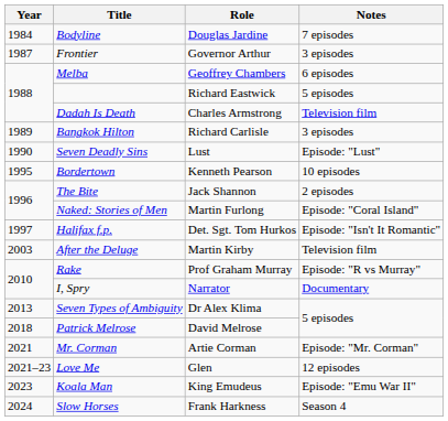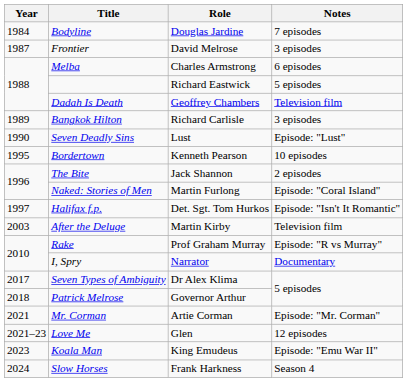 <table class="wikitable sortable">
 <tr>
 <th>Year</th>
 <th>Title</th>
 <th>Role</th>
 <th class="unsortable">Notes</th>
 </tr>
 <tr>
 <td>1984</td>
 <td><em><a href='#'>Bodyline</a></em></td>
 <td><a href='#'>Douglas Jardine</a></td>
 <td>7 episodes</td>
 </tr>
 <tr>
 <td>1987</td>
 <td><em>Frontier</em></td>
-<td>Governor Arthur</td>
+<td>David Melrose</td>
 <td>3 episodes</td>
 </tr>
 <tr>
 <td rowspan="3">1988</td>
 <td><em><a href='#'>Melba</a></em></td>
-<td><a href='#'>Geoffrey Chambers</a></td>
+<td>Charles Armstrong</td>
 <td>6 episodes</td>
 </tr>
 <tr>
 <td><em></em></td>
 <td>Richard Eastwick</td>
 <td>5 episodes</td>
 </tr>
 <tr>
 <td><em><a href='#'>Dadah Is Death</a></em></td>
-<td>Charles Armstrong</td>
+<td><a href='#'>Geoffrey Chambers</a></td>
 <td><a href='#'>Television film</a></td>
 </tr>
 <tr>
 <td>1989</td>
 <td><em><a href='#'>Bangkok Hilton</a></em></td>
 <td>Richard Carlisle</td>
 <td>3 episodes</td>
 </tr>
 <tr>
 <td>1990</td>
 <td><em><a href='#'>Seven Deadly Sins</a></em></td>
 <td>Lust</td>
 <td>Episode: "Lust"</td>
 </tr>
 <tr>
 <td>1995</td>
 <td><em><a href='#'>Bordertown</a></em></td>
 <td>Kenneth Pearson</td>
 <td>10 episodes</td>
 </tr>
 <tr>
 <td rowspan="2">1996</td>
 <td><em><a href='#'>The Bite</a></em></td>
 <td>Jack Shannon</td>
 <td>2 episodes</td>
 </tr>
 <tr>
 <td><em><a href='#'>Naked: Stories of Men</a></em></td>
 <td>Martin Furlong</td>
 <td>Episode: "Coral Island"</td>
 </tr>
 <tr>
 <td>1997</td>
 <td><em><a href='#'>Halifax f.p.</a></em></td>
 <td>Det. Sgt. Tom Hurkos</td>
 <td>Episode: "Isn't It Romantic"</td>
 </tr>
 <tr>
 <td>2003</td>
 <td><em><a href='#'>After the Deluge</a></em></td>
 <td>Martin Kirby</td>
 <td>Television film</td>
 </tr>
 <tr>
 <td rowspan="2">2010</td>
 <td><em><a href='#'>Rake</a></em></td>
 <td>Prof Graham Murray</td>
 <td>Episode: "R vs Murray"</td>
 </tr>
 <tr>
 <td><em>I, Spry</em></td>
 <td><a href='#'>Narrator</a></td>
 <td><a href='#'>Documentary</a></td>
 </tr>
 <tr>
-<td>2013</td>
+<td>2017</td>
 <td><em><a href='#'>Seven Types of Ambiguity</a></em></td>
 <td>Dr Alex Klima</td>
 <td rowspan=2>5 episodes</td>
 </tr>
 <tr>
 <td>2018</td>
 <td><em><a href='#'>Patrick Melrose</a></em></td>
-<td>David Melrose</td>
+<td>Governor Arthur</td>
 </tr>
 <tr>
 <td>2021</td>
 <td><em><a href='#'>Mr. Corman</a></em></td>
 <td>Artie Corman</td>
 <td>Episode: "Mr. Corman"</td>
 </tr>
 <tr>
 <td>2021–‍23</td>
 <td><em><a href='#'>Love Me</a></em></td>
 <td>Glen</td>
 <td>12 episodes</td>
 </tr>
 <tr>
 <td>2023</td>
 <td><em><a href='#'>Koala Man</a></em></td>
 <td>King Emudeus</td>
 <td>Episode: "Emu War II"</td>
 </tr>
 <tr>
 <td>2024</td>
 <td><em><a href='#'>Slow Horses</a></em></td>
 <td>Frank Harkness</td>
 <td>Season 4</td>
 </tr>
 </table>
